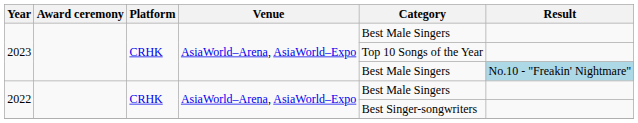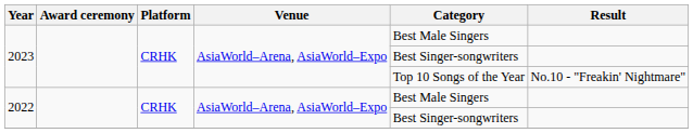 <table class="wikitable plainrowheaders">
 <tr>
 <th scope="col">Year</th>
 <th scope="col">Award ceremony</th>
 <th scope="col">Platform</th>
 <th scope="col">Venue</th>
 <th scope="col">Category</th>
 <th scope="col">Result</th>
 </tr>
 <tr>
 <td rowspan="3">2023</td>
 <td rowspan="3"></td>
 <td rowspan="3"><a href='#'>CRHK</a></td>
 <td rowspan="3"><a href='#'>AsiaWorld–Arena</a>, <a href='#'>AsiaWorld–Expo</a></td>
 <td>Best Male Singers</td>
 <td></td>
 </tr>
 <tr>
-<td>Top 10 Songs of the Year</td>
+<td>Best Singer-songwriters</td>
 <td></td>
 </tr>
 <tr>
-<td>Best Male Singers</td>
-<td style="background: lightblue;">No.10 - "Freakin' Nightmare"</td>
+<td>Top 10 Songs of the Year</td>
+<td>No.10 - "Freakin' Nightmare"</td>
 </tr>
 <tr>
 <td rowspan="2">2022</td>
 <td rowspan="2"></td>
 <td rowspan="2"><a href='#'>CRHK</a></td>
 <td rowspan="2"><a href='#'>AsiaWorld–Arena</a>, <a href='#'>AsiaWorld–Expo</a></td>
 <td>Best Male Singers</td>
 <td></td>
 </tr>
 <tr>
 <td>Best Singer-songwriters</td>
 <td></td>
 </tr>
 <tr>
 </tr>
 </table>
